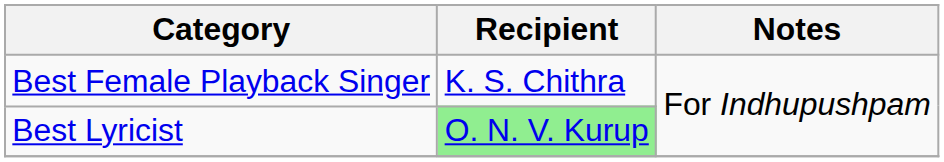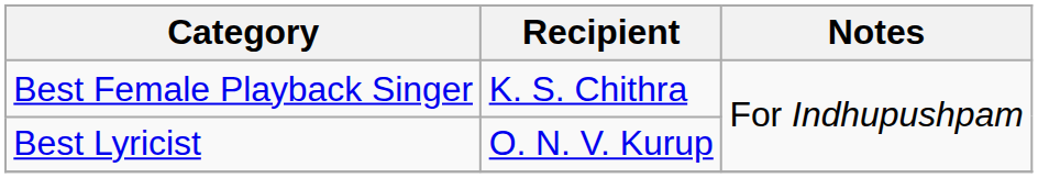 <table class="wikitable" sortable>
 <tr>
 <th>Category</th>
 <th>Recipient</th>
 <th>Notes</th>
 </tr>
 <tr>
 <td><a href='#'>Best Female Playback Singer</a></td>
 <td><a href='#'>K. S. Chithra</a></td>
 <td rowspan="2">For <em>Indhupushpam</em></td>
 </tr>
 <tr>
 <td><a href='#'>Best Lyricist</a></td>
-<td style="background: lightgreen;"><a href='#'>O. N. V. Kurup</a></td>
+<td><a href='#'>O. N. V. Kurup</a></td>
 </tr>
 <tr>
 </tr>
 </table>
